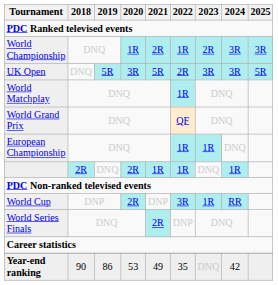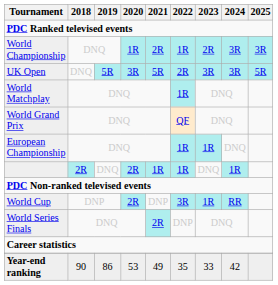 <table class="wikitable" style="width:20%; margin:0">
 <tr>
 <th>Tournament</th>
 <th>2018</th>
 <th>2019</th>
 <th>2020</th>
 <th>2021</th>
 <th>2022</th>
 <th>2023</th>
 <th>2024</th>
 <th>2025</th>
 </tr>
 <tr>
 <td colspan="10" align="left"><strong><a href='#'>PDC</a> Ranked televised events</strong></td>
 </tr>
 <tr>
 <td style="background:#efefef;"><a href='#'>World Championship</a></td>
 <td colspan="2" style="text-align:center; color:#ccc;">DNQ</td>
 <td style="text-align:center; background:#afeeee;"><a href='#'>1R</a></td>
 <td style="text-align:center; background:#afeeee;"><a href='#'>2R</a></td>
 <td style="text-align:center; background:#afeeee;"><a href='#'>1R</a></td>
 <td style="text-align:center; background:#afeeee;"><a href='#'>2R</a></td>
 <td style="text-align:center; background:#afeeee;"><a href='#'>3R</a></td>
 <td style="text-align:center; background:#afeeee;"><a href='#'>3R</a></td>
 </tr>
 <tr>
 <td style="background:#efefef;"><a href='#'>UK Open</a></td>
 <td style="text-align:center; color:#ccc;">DNQ</td>
 <td style="text-align:center; background:#afeeee;"><a href='#'>5R</a></td>
 <td style="text-align:center; background:#afeeee;"><a href='#'>3R</a></td>
 <td style="text-align:center; background:#afeeee;"><a href='#'>5R</a></td>
 <td style="text-align:center; background:#afeeee;"><a href='#'>2R</a></td>
 <td style="text-align:center; background:#afeeee;"><a href='#'>3R</a></td>
 <td style="text-align:center; background:#afeeee;"><a href='#'>3R</a></td>
 <td style="text-align:center; background:#afeeee;"><a href='#'>5R</a></td>
 </tr>
 <tr>
 <td style="background:#efefef;"><a href='#'>World Matchplay</a></td>
 <td colspan="4" style="text-align:center; color:#ccc;">DNQ</td>
 <td style="text-align:center; background:#afeeee;"><a href='#'>1R</a></td>
 <td colspan="2" style="text-align:center; color:#ccc;">DNQ</td>
 <td></td>
 </tr>
 <tr>
 <td style="background:#efefef;"><a href='#'>World Grand Prix</a></td>
 <td colspan="4" style="text-align:center; color:#ccc;">DNQ</td>
 <td style="text-align:center; background:#ffebcd;"><a href='#'>QF</a></td>
 <td colspan="2" style="text-align:center; color:#ccc;">DNQ</td>
 <td></td>
 </tr>
 <tr>
 <td style="background:#efefef;"><a href='#'>European Championship</a></td>
 <td colspan="4"  style="text-align:center; color:#ccc;">DNQ</td>
 <td style="text-align:center; background:#afeeee;"><a href='#'>1R</a></td>
 <td style="text-align:center; background:#afeeee;"><a href='#'>1R</a></td>
 <td style="text-align:center; color:#ccc;">DNQ</td>
 <td></td>
 </tr>
 <tr>
 <td style="background:#efefef;"></td>
 <td style="text-align:center; background:#afeeee;"><a href='#'>2R</a></td>
 <td style="text-align:center; color:#ccc;">DNQ</td>
 <td style="text-align:center; background:#afeeee;"><a href='#'>2R</a></td>
 <td style="text-align:center; background:#afeeee;"><a href='#'>1R</a></td>
 <td style="text-align:center; background:#afeeee;"><a href='#'>1R</a></td>
 <td style="text-align:center; color:#ccc;">DNQ</td>
 <td style="text-align:center; background:#afeeee;"><a href='#'>1R</a></td>
 <td></td>
 </tr>
 <tr>
 <td colspan="10" align="left"><strong><a href='#'>PDC</a> Non-ranked televised events</strong></td>
 </tr>
 <tr>
 <td style="background:#efefef;"><a href='#'>World Cup</a></td>
 <td colspan="2" style="text-align:center; color:#ccc;">DNP</td>
 <td style="text-align:center; background:#afeeee;"><a href='#'>2R</a></td>
 <td style="text-align:center; color:#ccc;">DNP</td>
 <td style="text-align:center; background:#afeeee;"><a href='#'>3R</a></td>
 <td style="text-align:center; background:#afeeee;"><a href='#'>1R</a></td>
 <td style="text-align:center; background:#afeeee;"><a href='#'>RR</a></td>
 <td></td>
 </tr>
 <tr>
 <td style="background:#efefef;"><a href='#'>World Series Finals</a></td>
 <td colspan="3" style="text-align:center; color:#ccc;">DNQ</td>
 <td style="text-align:center; background:#afeeee;"><a href='#'>2R</a></td>
 <td style="text-align:center; color:#ccc;">DNP</td>
 <td colspan="2" style="text-align:center; color:#ccc;">DNQ</td>
 <td></td>
 </tr>
 <tr>
 <td colspan="10" align="left"><strong>Career statistics</strong></td>
 </tr>
 <tr>
 </tr>
 <tr bgcolor="efefef">
 <td align="left"><strong>Year-end ranking</strong></td>
 <td style="text-align:center;">90</td>
 <td style="text-align:center;">86</td>
 <td style="text-align:center;">53</td>
 <td style="text-align:center;">49</td>
 <td style="text-align:center;">35</td>
-<td style="text-align:center; color:#ccc;">DNQ</td>
+<td style="text-align:center;">33</td>
 <td style="text-align:center;">42</td>
 <td></td>
 </tr>
 </table>
